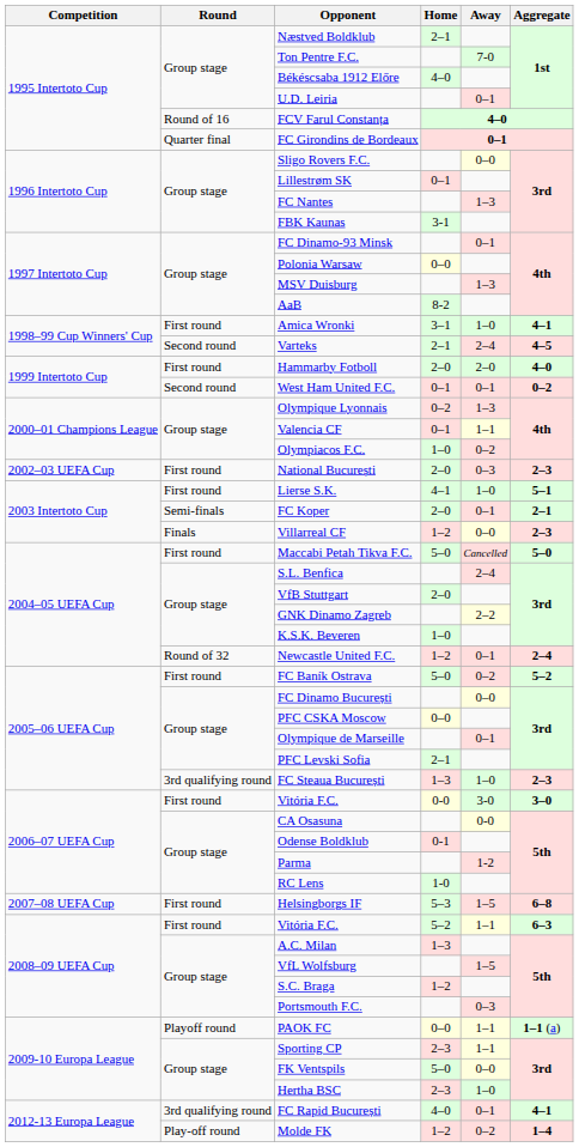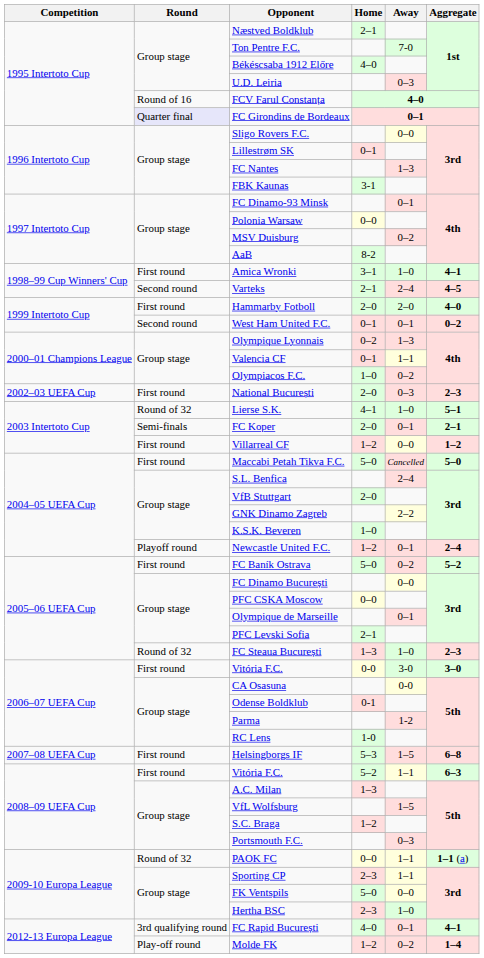 <table class="wikitable">
 <tr>
 <th>Competition</th>
 <th>Round</th>
 <th>Opponent</th>
 <th>Home</th>
 <th>Away</th>
 <th>Aggregate</th>
 </tr>
 <tr>
 <td rowspan=6><a href='#'>1995 Intertoto Cup</a></td>
 <td rowspan=4>Group stage</td>
 <td> <a href='#'>Næstved Boldklub</a></td>
 <td bgcolor="#ddffdd" style="text-align:center;">2–1</td>
 <td></td>
 <td bgcolor="#ddffdd" style="text-align:center;" rowspan=4><strong>1st</strong></td>
 </tr>
 <tr>
 <td> <a href='#'>Ton Pentre F.C.</a></td>
 <td></td>
 <td bgcolor="#ddffdd" style="text-align:center;">7-0</td>
 </tr>
 <tr>
 <td> <a href='#'>Békéscsaba 1912 Előre</a></td>
 <td bgcolor="#ddffdd" style="text-align:center;">4–0</td>
 <td></td>
 </tr>
 <tr>
 <td> <a href='#'>U.D. Leiria</a></td>
 <td></td>
-<td bgcolor="#ffdddd" style="text-align:center;">0–1</td>
+<td bgcolor="#ffdddd" style="text-align:center;">0–3</td>
 </tr>
 <tr>
 <td>Round of 16</td>
 <td> <a href='#'>FCV Farul Constanța</a></td>
 <td colspan=3 bgcolor="#ddffdd" style="text-align:center;"><strong>4–0</strong></td>
 </tr>
 <tr>
-<td>Quarter final</td>
+<td style="background: lavender;">Quarter final</td>
 <td> <a href='#'>FC Girondins de Bordeaux</a></td>
 <td colspan=3 bgcolor="#ffdddd" style="text-align:center;"><strong>0–1</strong></td>
 </tr>
 <tr>
 <td rowspan=4><a href='#'>1996 Intertoto Cup</a></td>
 <td rowspan=4>Group stage</td>
 <td> <a href='#'>Sligo Rovers F.C.</a></td>
 <td></td>
 <td bgcolor="#ffffdd" style="text-align:center;">0–0</td>
 <td rowspan=4 bgcolor="#ffdddd" style="text-align:center;"><strong>3rd</strong></td>
 </tr>
 <tr>
 <td> <a href='#'>Lillestrøm SK</a></td>
 <td bgcolor="#ffdddd" style="text-align:center;">0–1</td>
 <td></td>
 </tr>
 <tr>
 <td> <a href='#'>FC Nantes</a></td>
 <td></td>
 <td bgcolor="#ffdddd" style="text-align:center;">1–3</td>
 </tr>
 <tr>
 <td> <a href='#'>FBK Kaunas</a></td>
 <td bgcolor="#ddffdd" style="text-align:center;">3-1</td>
 <td></td>
 </tr>
 <tr>
 <td rowspan=4><a href='#'>1997 Intertoto Cup</a></td>
 <td rowspan=4>Group stage</td>
 <td> <a href='#'>FC Dinamo-93 Minsk</a></td>
 <td></td>
 <td bgcolor="#ffdddd" style="text-align:center;">0–1</td>
 <td rowspan=4 bgcolor="#ffdddd" style="text-align:center;"><strong>4th</strong></td>
 </tr>
 <tr>
 <td> <a href='#'>Polonia Warsaw</a></td>
 <td bgcolor="#ffffdd" style="text-align:center;">0–0</td>
 <td></td>
 </tr>
 <tr>
 <td> <a href='#'>MSV Duisburg</a></td>
 <td></td>
-<td bgcolor="#ffdddd" style="text-align:center;">1–3</td>
+<td bgcolor="#ffdddd" style="text-align:center;">0–2</td>
 </tr>
 <tr>
 <td> <a href='#'>AaB</a></td>
 <td bgcolor="#ddffdd" style="text-align:center;">8-2</td>
 <td></td>
 </tr>
 <tr>
 <td rowspan=2><a href='#'>1998–99 Cup Winners' Cup</a></td>
 <td>First round</td>
 <td> <a href='#'>Amica Wronki</a></td>
 <td bgcolor="#ddffdd" style="text-align:center;">3–1</td>
 <td bgcolor="#ddffdd" style="text-align:center;">1–0</td>
 <td bgcolor="#ddffdd" style="text-align:center;"><strong>4–1</strong></td>
 </tr>
 <tr>
 <td>Second round</td>
 <td> <a href='#'>Varteks</a></td>
 <td bgcolor="#ddffdd" style="text-align:center;">2–1</td>
 <td bgcolor="#ffdddd" style="text-align:center;">2–4 </td>
 <td bgcolor="#ffdddd" style="text-align:center;"><strong>4–5</strong></td>
 </tr>
 <tr>
 <td rowspan=2><a href='#'>1999 Intertoto Cup</a></td>
 <td>First round</td>
 <td> <a href='#'>Hammarby Fotboll</a></td>
 <td bgcolor="#ddffdd" style="text-align:center;">2–0</td>
 <td bgcolor="#ddffdd" style="text-align:center;">2–0</td>
 <td bgcolor="#ddffdd" style="text-align:center;"><strong>4–0</strong></td>
 </tr>
 <tr>
 <td>Second round</td>
 <td> <a href='#'>West Ham United F.C.</a></td>
 <td bgcolor="#ffdddd" style="text-align:center;">0–1</td>
 <td bgcolor="#ffdddd" style="text-align:center;">0–1</td>
 <td bgcolor="#ffdddd" style="text-align:center;"><strong>0–2</strong></td>
 </tr>
 <tr>
 <td rowspan=3><a href='#'>2000–01 Champions League</a></td>
 <td rowspan=3>Group stage</td>
 <td> <a href='#'>Olympique Lyonnais</a></td>
 <td bgcolor="#ffdddd" style="text-align:center;">0–2</td>
 <td bgcolor="#ffdddd" style="text-align:center;">1–3</td>
 <td rowspan=3 bgcolor="#ffdddd" style="text-align:center;"><strong>4th</strong></td>
 </tr>
 <tr>
 <td> <a href='#'>Valencia CF</a></td>
 <td bgcolor="#ffdddd" style="text-align:center;">0–1</td>
 <td bgcolor="#ffffdd" style="text-align:center;">1–1</td>
 </tr>
 <tr>
 <td> <a href='#'>Olympiacos F.C.</a></td>
 <td bgcolor="#ddffdd" style="text-align:center;">1–0</td>
 <td bgcolor="#ffdddd" style="text-align:center;">0–2</td>
 </tr>
 <tr>
 <td><a href='#'>2002–03 UEFA Cup</a></td>
 <td>First round</td>
 <td> <a href='#'>National București</a></td>
 <td bgcolor="#ddffdd" style="text-align:center;">2–0</td>
 <td bgcolor="#ffdddd" style="text-align:center;">0–3</td>
 <td bgcolor="#ffdddd" style="text-align:center;"><strong>2–3</strong></td>
 </tr>
 <tr>
 <td rowspan=3><a href='#'>2003 Intertoto Cup</a></td>
-<td>First round</td>
+<td>Round of 32</td>
 <td> <a href='#'>Lierse S.K.</a></td>
 <td bgcolor="#ddffdd" style="text-align:center;">4–1</td>
 <td bgcolor="#ddffdd" style="text-align:center;">1–0</td>
 <td bgcolor="#ddffdd" style="text-align:center;"><strong>5–1</strong></td>
 </tr>
 <tr>
 <td>Semi-finals</td>
 <td> <a href='#'>FC Koper</a></td>
 <td bgcolor="#ddffdd" style="text-align:center;">2–0</td>
 <td bgcolor="#ffdddd" style="text-align:center;">0–1</td>
 <td bgcolor="#ddffdd" style="text-align:center;"><strong>2–1</strong></td>
 </tr>
 <tr>
-<td>Finals</td>
+<td>First round</td>
 <td> <a href='#'>Villarreal CF</a></td>
 <td bgcolor="#ffdddd" style="text-align:center;">1–2</td>
 <td bgcolor="#ffffdd" style="text-align:center;">0–0</td>
-<td bgcolor="#ffdddd" style="text-align:center;"><strong>2–3</strong></td>
+<td bgcolor="#ffdddd" style="text-align:center;"><strong>1–2</strong></td>
 </tr>
 <tr>
 <td rowspan=6><a href='#'>2004–05 UEFA Cup</a></td>
 <td>First round</td>
 <td> <a href='#'>Maccabi Petah Tikva F.C.</a></td>
 <td bgcolor="#ddffdd" style="text-align:center;">5–0</td>
 <td bgcolor="#ffdddd" style="text-align:center;"><small><em>Cancelled</em></small></td>
 <td bgcolor="#ddffdd" style="text-align:center;"><strong>5–0</strong></td>
 </tr>
 <tr>
 <td rowspan=4>Group stage</td>
 <td> <a href='#'>S.L. Benfica</a></td>
 <td></td>
 <td bgcolor="#ffdddd" style="text-align:center;">2–4</td>
 <td rowspan=4 bgcolor="#ddffdd" style="text-align:center;"><strong>3rd</strong></td>
 </tr>
 <tr>
 <td> <a href='#'>VfB Stuttgart</a></td>
 <td bgcolor="#ddffdd" style="text-align:center;">2–0</td>
 <td></td>
 </tr>
 <tr>
 <td> <a href='#'>GNK Dinamo Zagreb</a></td>
 <td></td>
 <td bgcolor="#ffffdd" style="text-align:center;">2–2</td>
 </tr>
 <tr>
 <td> <a href='#'>K.S.K. Beveren</a></td>
 <td bgcolor="#ddffdd" style="text-align:center;">1–0</td>
 <td></td>
 </tr>
 <tr>
-<td>Round of 32</td>
+<td>Playoff round</td>
 <td> <a href='#'>Newcastle United F.C.</a></td>
 <td bgcolor="#ffdddd" style="text-align:center;">1–2</td>
 <td bgcolor="#ffdddd" style="text-align:center;">0–1</td>
 <td bgcolor="#ffdddd" style="text-align:center;"><strong>2–4</strong></td>
 </tr>
 <tr>
 <td rowspan=6><a href='#'>2005–06 UEFA Cup</a></td>
 <td>First round</td>
 <td> <a href='#'>FC Baník Ostrava</a></td>
 <td bgcolor="#ddffdd" style="text-align:center;">5–0</td>
 <td bgcolor="#ffdddd" style="text-align:center;">0–2</td>
 <td bgcolor="#ddffdd" style="text-align:center;"><strong>5–2</strong></td>
 </tr>
 <tr>
 <td rowspan=4>Group stage</td>
 <td> <a href='#'>FC Dinamo București</a></td>
 <td></td>
 <td bgcolor="#ffffdd" style="text-align:center;">0–0</td>
 <td rowspan=4 bgcolor="#ddffdd" style="text-align:center;"><strong>3rd</strong></td>
 </tr>
 <tr>
 <td> <a href='#'>PFC CSKA Moscow</a></td>
 <td bgcolor="#ffffdd" style="text-align:center;">0–0</td>
 <td></td>
 </tr>
 <tr>
 <td> <a href='#'>Olympique de Marseille</a></td>
 <td></td>
 <td bgcolor="#ffdddd" style="text-align:center;">0–1</td>
 </tr>
 <tr>
 <td> <a href='#'>PFC Levski Sofia</a></td>
 <td bgcolor="#ddffdd" style="text-align:center;">2–1</td>
 <td></td>
 </tr>
 <tr>
-<td>3rd qualifying round</td>
+<td>Round of 32</td>
 <td> <a href='#'>FC Steaua București</a></td>
 <td bgcolor="#ffdddd" style="text-align:center;">1–3</td>
 <td bgcolor="#ddffdd" style="text-align:center;">1–0</td>
 <td bgcolor="#ffdddd" style="text-align:center;"><strong>2–3</strong></td>
 </tr>
 <tr>
 <td rowspan=5><a href='#'>2006–07 UEFA Cup</a></td>
 <td>First round</td>
 <td> <a href='#'>Vitória F.C.</a></td>
 <td bgcolor="#ffffdd" style="text-align:center;">0-0</td>
 <td bgcolor="#ddffdd" style="text-align:center;">3-0</td>
 <td bgcolor="#ddffdd" style="text-align:center;"><strong>3–0</strong></td>
 </tr>
 <tr>
 <td rowspan=4>Group stage</td>
 <td> <a href='#'>CA Osasuna</a></td>
 <td></td>
 <td bgcolor="#ffffdd" style="text-align:center;">0-0</td>
 <td rowspan=4 bgcolor="#ffdddd" style="text-align:center;"><strong>5th</strong></td>
 </tr>
 <tr>
 <td> <a href='#'>Odense Boldklub</a></td>
 <td bgcolor="#ffdddd" style="text-align:center;">0-1</td>
 <td></td>
 </tr>
 <tr>
 <td> <a href='#'>Parma</a></td>
 <td></td>
 <td bgcolor="#ffdddd" style="text-align:center;">1-2</td>
 </tr>
 <tr>
 <td> <a href='#'>RC Lens</a></td>
 <td bgcolor="#ddffdd" style="text-align:center;">1-0</td>
 <td></td>
 </tr>
 <tr>
 <td><a href='#'>2007–08 UEFA Cup</a></td>
 <td>First round</td>
 <td> <a href='#'>Helsingborgs IF</a></td>
 <td bgcolor="#ddffdd" style="text-align:center;">5–3</td>
 <td bgcolor="#ffdddd" style="text-align:center;">1–5</td>
 <td bgcolor="#ffdddd" style="text-align:center;"><strong>6–8</strong></td>
 </tr>
 <tr>
 <td rowspan=5><a href='#'>2008–09 UEFA Cup</a></td>
 <td>First round</td>
 <td> <a href='#'>Vitória F.C.</a></td>
 <td bgcolor="#ddffdd" style="text-align:center;">5–2</td>
 <td bgcolor="#ffffdd" style="text-align:center;">1–1</td>
 <td bgcolor="#ddffdd" style="text-align:center;"><strong>6–3</strong></td>
 </tr>
 <tr>
 <td rowspan=4>Group stage</td>
 <td> <a href='#'>A.C. Milan</a></td>
 <td bgcolor="#ffdddd" style="text-align:center;">1–3</td>
 <td></td>
 <td rowspan=4 bgcolor="#ffdddd" style="text-align:center;"><strong>5th</strong></td>
 </tr>
 <tr>
 <td> <a href='#'>VfL Wolfsburg</a></td>
 <td></td>
 <td bgcolor="#ffdddd" style="text-align:center;">1–5</td>
 </tr>
 <tr>
 <td> <a href='#'>S.C. Braga</a></td>
 <td bgcolor="#ffdddd" style="text-align:center;">1–2</td>
 <td></td>
 </tr>
 <tr>
 <td> <a href='#'>Portsmouth F.C.</a></td>
 <td></td>
 <td bgcolor="#ffdddd" style="text-align:center;">0–3</td>
 </tr>
 <tr>
 <td rowspan=4><a href='#'>2009-10 Europa League</a></td>
-<td>Playoff round</td>
+<td>Round of 32</td>
 <td> <a href='#'>PAOK FC</a></td>
 <td bgcolor="#ffffdd" style="text-align:center;">0–0</td>
 <td bgcolor="#ffffdd" style="text-align:center;">1–1</td>
 <td bgcolor="#ddffdd" style="text-align:center;"><strong>1–1</strong> (<a href='#'>a</a>)</td>
 </tr>
 <tr>
 <td rowspan=3>Group stage</td>
 <td> <a href='#'>Sporting CP</a></td>
 <td bgcolor="#ffdddd" style="text-align:center;">2–3</td>
 <td bgcolor="#ffffdd" style="text-align:center;">1–1</td>
 <td rowspan=3 bgcolor="#ffdddd" style="text-align:center;"><strong>3rd</strong></td>
 </tr>
 <tr>
 <td> <a href='#'>FK Ventspils</a></td>
 <td bgcolor="#ddffdd" style="text-align:center;">5–0</td>
 <td bgcolor="#ffffdd" style="text-align:center;">0–0</td>
 </tr>
 <tr>
 <td> <a href='#'>Hertha BSC</a></td>
 <td bgcolor="#ffdddd" style="text-align:center;">2–3</td>
 <td bgcolor="#ddffdd" style="text-align:center;">1–0</td>
 </tr>
 <tr>
 <td rowspan=2><a href='#'>2012-13 Europa League</a></td>
 <td>3rd qualifying round</td>
 <td> <a href='#'>FC Rapid București</a></td>
 <td bgcolor="#ddffdd" style="text-align:center;">4–0</td>
 <td bgcolor="#ffdddd" style="text-align:center;">0–1</td>
 <td bgcolor="#ddffdd" style="text-align:center;"><strong>4–1</strong></td>
 </tr>
 <tr>
 <td>Play-off round</td>
 <td> <a href='#'>Molde FK</a></td>
 <td bgcolor="#ffdddd" style="text-align:center;">1–2</td>
 <td bgcolor="#ffdddd" style="text-align:center;">0–2</td>
 <td bgcolor="#ffdddd" style="text-align:center;"><strong>1–4</strong></td>
 </tr>
 </table>
